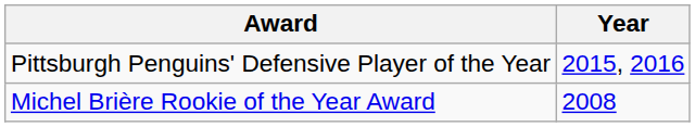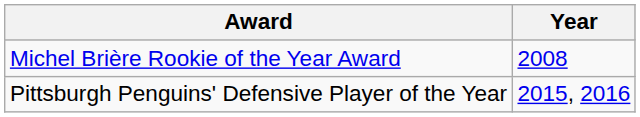 <table class="wikitable">
 <tr>
 <th scope="col">Award</th>
 <th scope="col">Year</th>
 </tr>
 <tr>
+<td><a href='#'>Michel Brière Rookie of the Year Award</a></td>
+<td><a href='#'>2008</a></td>
+</tr>
+<tr>
 <td>Pittsburgh Penguins' Defensive Player of the Year</td>
 <td><a href='#'>2015</a>, <a href='#'>2016</a></td>
 </tr>
-<tr>
-<td><a href='#'>Michel Brière Rookie of the Year Award</a></td>
-<td><a href='#'>2008</a></td>
-</tr>
 </table>
